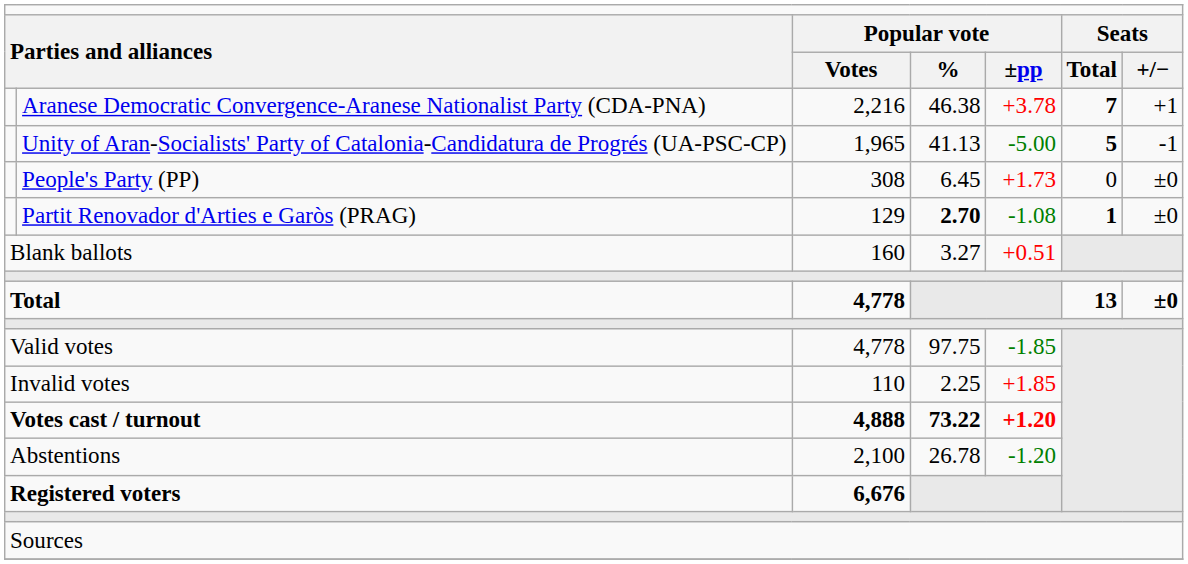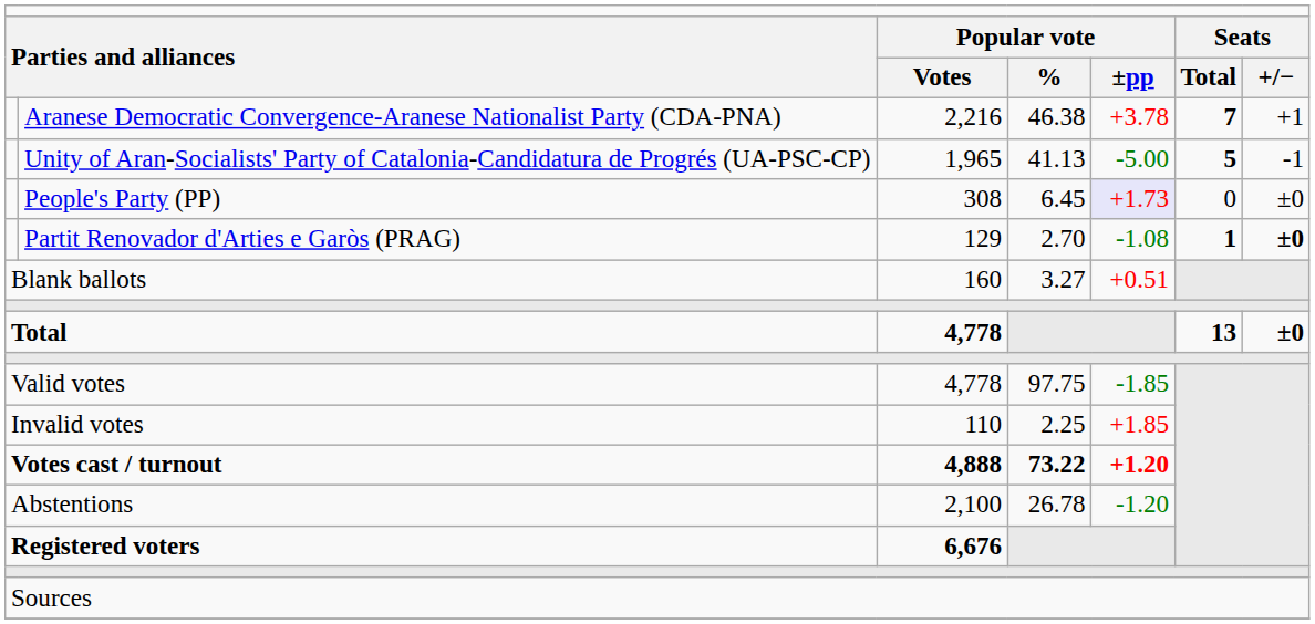 <table class="wikitable" style="text-align:right;">
 <tr>
 <td colspan="7"></td>
 </tr>
 <tr>
 <th colspan="2" rowspan="2" style="text-align:left;" width="525">Parties and alliances</th>
 <th colspan="3">Popular vote</th>
 <th colspan="2">Seats</th>
 </tr>
 <tr>
 <th width="75">Votes</th>
 <th width="45">%</th>
 <th width="45">±<a href='#'>pp</a></th>
 <th width="35">Total</th>
 <th width="35">+/−</th>
 </tr>
 <tr>
 <td style="color:inherit;background:"></td>
 <td align="left"><a href='#'>Aranese Democratic Convergence-Aranese Nationalist Party</a> (CDA-PNA)</td>
 <td>2,216</td>
 <td>46.38</td>
 <td style="color:red;">+3.78</td>
 <td><strong>7</strong></td>
 <td>+1</td>
 </tr>
 <tr>
 <td width="1" style="color:inherit;background:"></td>
 <td align="left"><a href='#'>Unity of Aran</a>-<a href='#'>Socialists' Party of Catalonia</a>-<a href='#'>Candidatura de Progrés</a> (UA-PSC-CP)</td>
 <td>1,965</td>
 <td>41.13</td>
 <td style="color:green;">-5.00</td>
 <td><strong>5</strong></td>
 <td>-1</td>
 </tr>
 <tr>
 <td style="color:inherit;background:"></td>
 <td align="left"><a href='#'>People's Party</a> (PP)</td>
 <td>308</td>
 <td>6.45</td>
-<td style="color:red;">+1.73</td>
+<td style="background: lavender; color:red;">+1.73</td>
 <td>0</td>
 <td>±0</td>
 </tr>
 <tr>
 <td style="color:inherit;background:"></td>
 <td align="left"><a href='#'>Partit Renovador d'Arties e Garòs</a> (PRAG)</td>
 <td>129</td>
-<td><strong>2.70</strong></td>
+<td>2.70</td>
 <td style="color:green;">-1.08</td>
 <td><strong>1</strong></td>
-<td>±0</td>
+<td><strong>±0</strong></td>
 </tr>
 <tr>
 <td colspan="2" align="left">Blank ballots</td>
 <td>160</td>
 <td>3.27</td>
 <td style="color:red;">+0.51</td>
 <td colspan="2" bgcolor="#E9E9E9"></td>
 </tr>
 <tr>
 <td colspan="7" bgcolor="#E9E9E9"></td>
 </tr>
 <tr style="font-weight:bold;">
 <td colspan="2" align="left">Total</td>
 <td>4,778</td>
 <td colspan="2" bgcolor="#E9E9E9"></td>
 <td>13</td>
 <td>±0</td>
 </tr>
 <tr>
 <td colspan="7" bgcolor="#E9E9E9"></td>
 </tr>
 <tr>
 <td colspan="2" align="left">Valid votes</td>
 <td>4,778</td>
 <td>97.75</td>
 <td style="color:green;">-1.85</td>
 <td colspan="2" rowspan="5" bgcolor="#E9E9E9"></td>
 </tr>
 <tr>
 <td colspan="2" align="left">Invalid votes</td>
 <td>110</td>
 <td>2.25</td>
 <td style="color:red;">+1.85</td>
 </tr>
 <tr style="font-weight:bold;">
 <td colspan="2" align="left">Votes cast / turnout</td>
 <td>4,888</td>
 <td>73.22</td>
 <td style="color:red;">+1.20</td>
 </tr>
 <tr>
 <td colspan="2" align="left">Abstentions</td>
 <td>2,100</td>
 <td>26.78</td>
 <td style="color:green;">-1.20</td>
 </tr>
 <tr style="font-weight:bold;">
 <td colspan="2" align="left">Registered voters</td>
 <td>6,676</td>
 <td colspan="2" bgcolor="#E9E9E9"></td>
 </tr>
 <tr>
 <td colspan="7" bgcolor="#E9E9E9"></td>
 </tr>
 <tr>
 <td colspan="7" align="left">Sources</td>
 </tr>
 <tr>
 </tr>
 </table>
